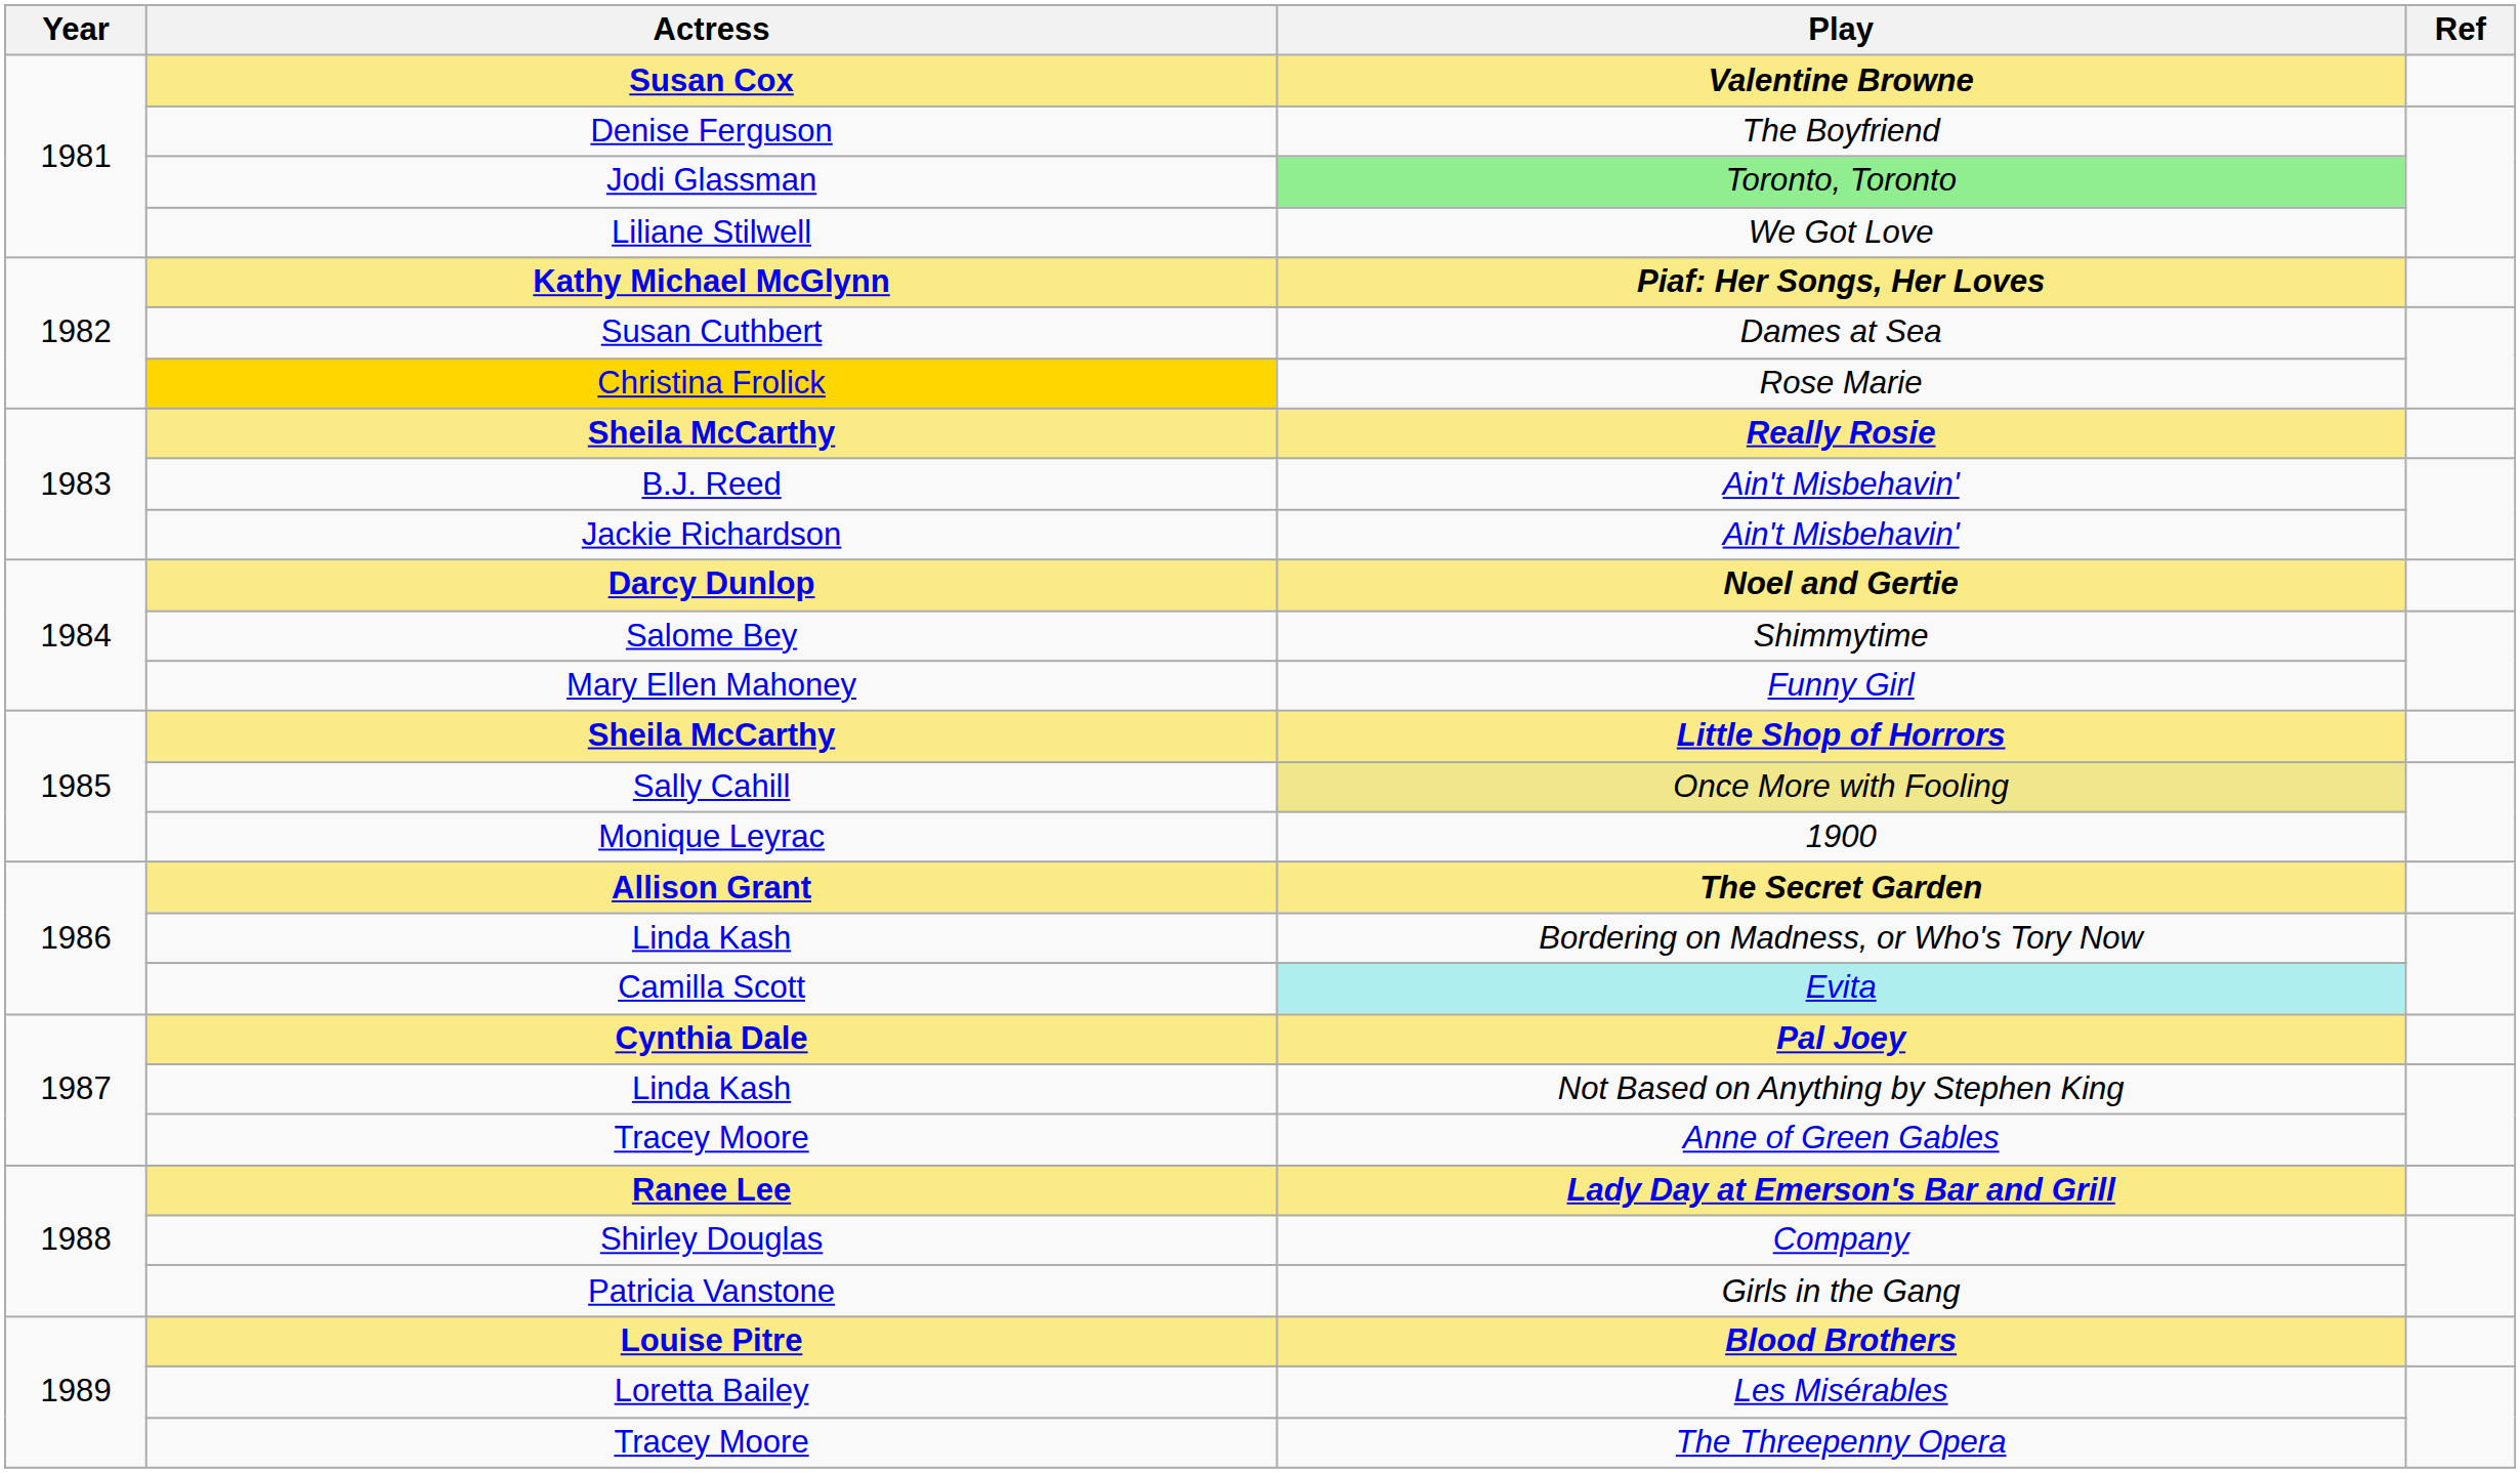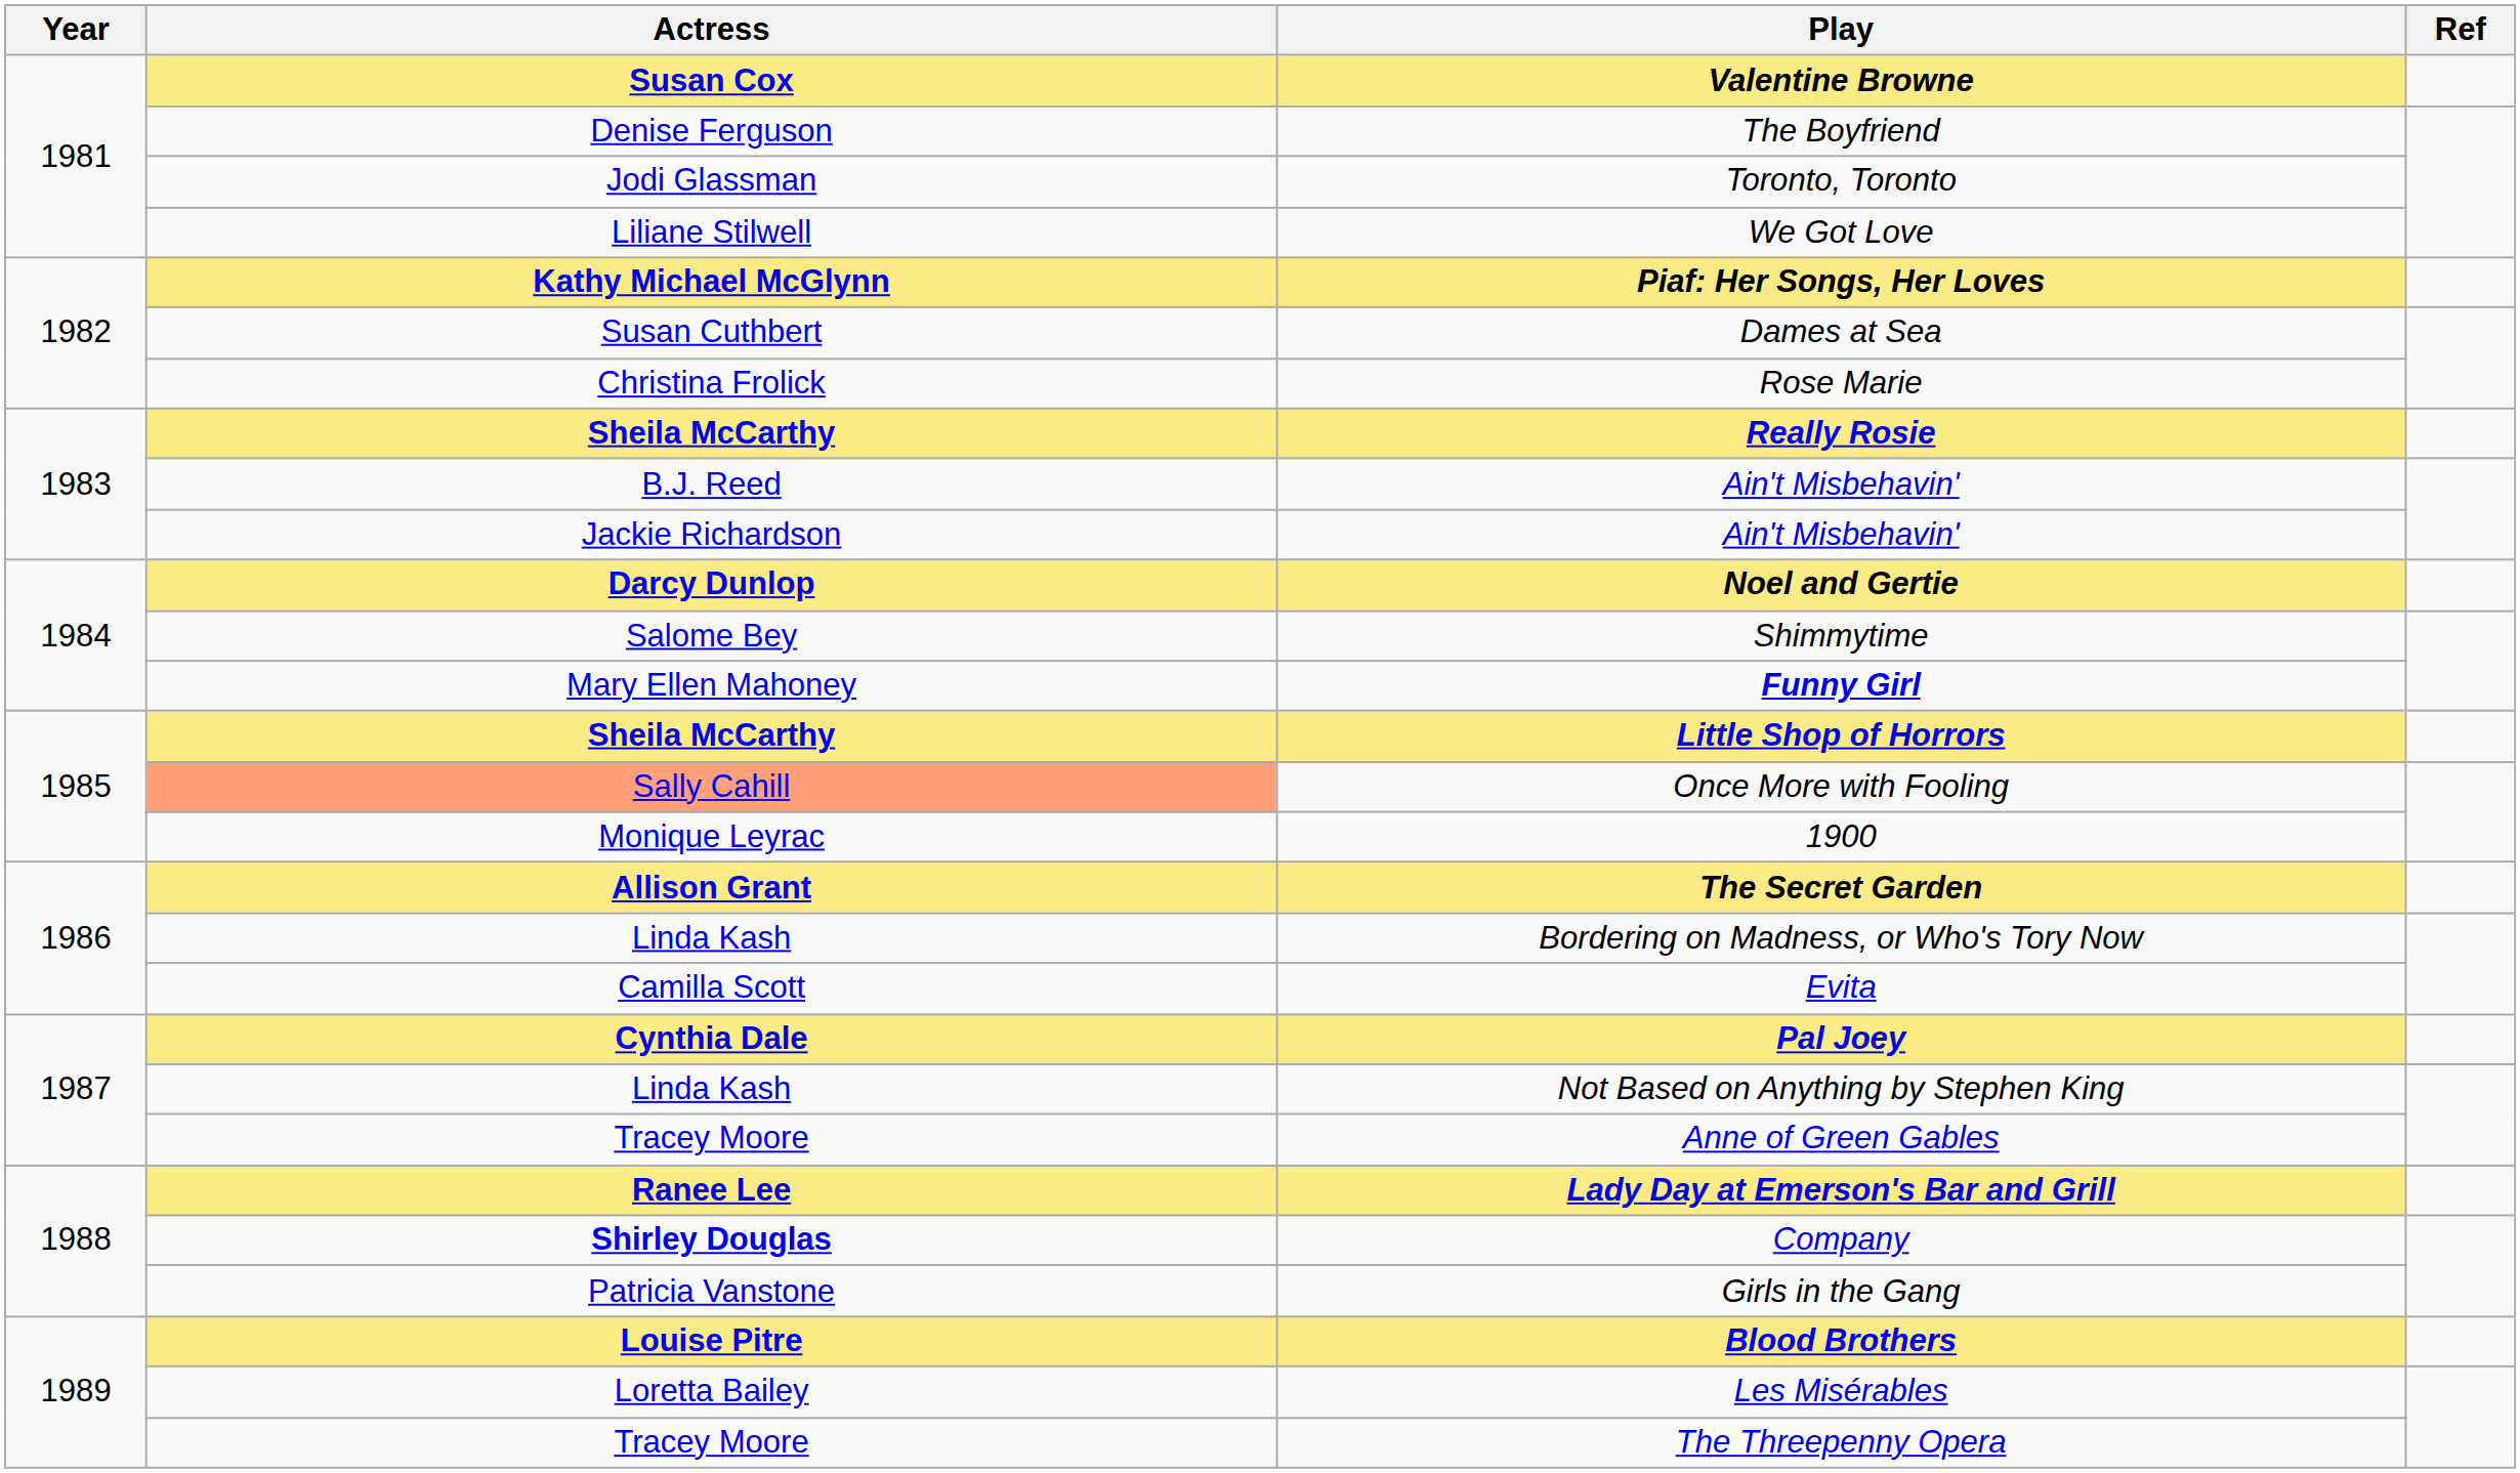 <table class="wikitable" width="100%" style="text-align:center;">
 <tr>
 <th>Year</th>
 <th width="45%">Actress</th>
 <th width="45%">Play</th>
 <th>Ref</th>
 </tr>
 <tr>
 <td rowspan=4>1981</td>
 <td style="background:#FAEB86"><strong><a href='#'>Susan Cox</a></strong></td>
 <td style="background:#FAEB86"><strong><em>Valentine Browne</em></strong></td>
 <td></td>
 </tr>
 <tr>
 <td><a href='#'>Denise Ferguson</a></td>
 <td><em>The Boyfriend</em></td>
 <td rowspan=3></td>
 </tr>
 <tr>
 <td><a href='#'>Jodi Glassman</a></td>
-<td style="background: lightgreen;"><em>Toronto, Toronto</em></td>
+<td><em>Toronto, Toronto</em></td>
 </tr>
 <tr>
 <td><a href='#'>Liliane Stilwell</a></td>
 <td><em>We Got Love</em></td>
 </tr>
 <tr>
 <td rowspan=3>1982</td>
 <td style="background:#FAEB86"><strong><a href='#'>Kathy Michael McGlynn</a></strong></td>
 <td style="background:#FAEB86"><strong><em>Piaf: Her Songs, Her Loves</em></strong></td>
 <td></td>
 </tr>
 <tr>
 <td><a href='#'>Susan Cuthbert</a></td>
 <td><em>Dames at Sea</em></td>
 <td rowspan=2></td>
 </tr>
 <tr>
-<td style="background: gold;"><a href='#'>Christina Frolick</a></td>
+<td><a href='#'>Christina Frolick</a></td>
 <td><em>Rose Marie</em></td>
 </tr>
 <tr>
 <td rowspan=3>1983</td>
 <td style="background:#FAEB86"><strong><a href='#'>Sheila McCarthy</a></strong></td>
 <td style="background:#FAEB86"><strong><em><a href='#'>Really Rosie</a></em></strong></td>
 <td></td>
 </tr>
 <tr>
 <td><a href='#'>B.J. Reed</a></td>
 <td><em><a href='#'>Ain't Misbehavin'</a></em></td>
 <td rowspan=2></td>
 </tr>
 <tr>
 <td><a href='#'>Jackie Richardson</a></td>
 <td><em><a href='#'>Ain't Misbehavin'</a></em></td>
 </tr>
 <tr>
 <td rowspan=3>1984</td>
 <td style="background:#FAEB86"><strong><a href='#'>Darcy Dunlop</a></strong></td>
 <td style="background:#FAEB86"><strong><em>Noel and Gertie</em></strong></td>
 <td></td>
 </tr>
 <tr>
 <td><a href='#'>Salome Bey</a></td>
 <td><em>Shimmytime</em></td>
 <td rowspan=2></td>
 </tr>
 <tr>
 <td><a href='#'>Mary Ellen Mahoney</a></td>
-<td><em><a href='#'>Funny Girl</a></em></td>
+<td><strong><em><a href='#'>Funny Girl</a></em></strong></td>
 </tr>
 <tr>
 <td rowspan=3>1985</td>
 <td style="background:#FAEB86"><strong><a href='#'>Sheila McCarthy</a></strong></td>
 <td style="background:#FAEB86"><strong><em><a href='#'>Little Shop of Horrors</a></em></strong></td>
 <td></td>
 </tr>
 <tr>
-<td><a href='#'>Sally Cahill</a></td>
-<td style="background: khaki;"><em>Once More with Fooling</em></td>
+<td style="background: lightsalmon;"><a href='#'>Sally Cahill</a></td>
+<td><em>Once More with Fooling</em></td>
 <td rowspan=2></td>
 </tr>
 <tr>
 <td><a href='#'>Monique Leyrac</a></td>
 <td><em>1900</em></td>
 </tr>
 <tr>
 <td rowspan=3>1986</td>
 <td style="background:#FAEB86"><strong><a href='#'>Allison Grant</a></strong></td>
 <td style="background:#FAEB86"><strong><em>The Secret Garden</em></strong></td>
 <td></td>
 </tr>
 <tr>
 <td><a href='#'>Linda Kash</a></td>
 <td><em>Bordering on Madness, or Who's Tory Now</em></td>
 <td rowspan=2></td>
 </tr>
 <tr>
 <td><a href='#'>Camilla Scott</a></td>
-<td style="background: paleturquoise;"><em><a href='#'>Evita</a></em></td>
+<td><em><a href='#'>Evita</a></em></td>
 </tr>
 <tr>
 <td rowspan=3>1987</td>
 <td style="background:#FAEB86"><strong><a href='#'>Cynthia Dale</a></strong></td>
 <td style="background:#FAEB86"><strong><em><a href='#'>Pal Joey</a></em></strong></td>
 <td></td>
 </tr>
 <tr>
 <td><a href='#'>Linda Kash</a></td>
 <td><em>Not Based on Anything by Stephen King</em></td>
 <td rowspan=2></td>
 </tr>
 <tr>
 <td><a href='#'>Tracey Moore</a></td>
 <td><em><a href='#'>Anne of Green Gables</a></em></td>
 </tr>
 <tr>
 <td rowspan=3>1988</td>
 <td style="background:#FAEB86"><strong><a href='#'>Ranee Lee</a></strong></td>
 <td style="background:#FAEB86"><strong><em><a href='#'>Lady Day at Emerson's Bar and Grill</a></em></strong></td>
 <td></td>
 </tr>
 <tr>
-<td><a href='#'>Shirley Douglas</a></td>
+<td><strong><a href='#'>Shirley Douglas</a></strong></td>
 <td><em><a href='#'>Company</a></em></td>
 <td rowspan=2></td>
 </tr>
 <tr>
 <td><a href='#'>Patricia Vanstone</a></td>
 <td><em>Girls in the Gang</em></td>
 </tr>
 <tr>
 <td rowspan=3>1989</td>
 <td style="background:#FAEB86"><strong><a href='#'>Louise Pitre</a></strong></td>
 <td style="background:#FAEB86"><strong><em><a href='#'>Blood Brothers</a></em></strong></td>
 <td></td>
 </tr>
 <tr>
 <td><a href='#'>Loretta Bailey</a></td>
 <td><em><a href='#'>Les Misérables</a></em></td>
 <td rowspan=2></td>
 </tr>
 <tr>
 <td><a href='#'>Tracey Moore</a></td>
 <td><em><a href='#'>The Threepenny Opera</a></em></td>
 </tr>
 </table>
